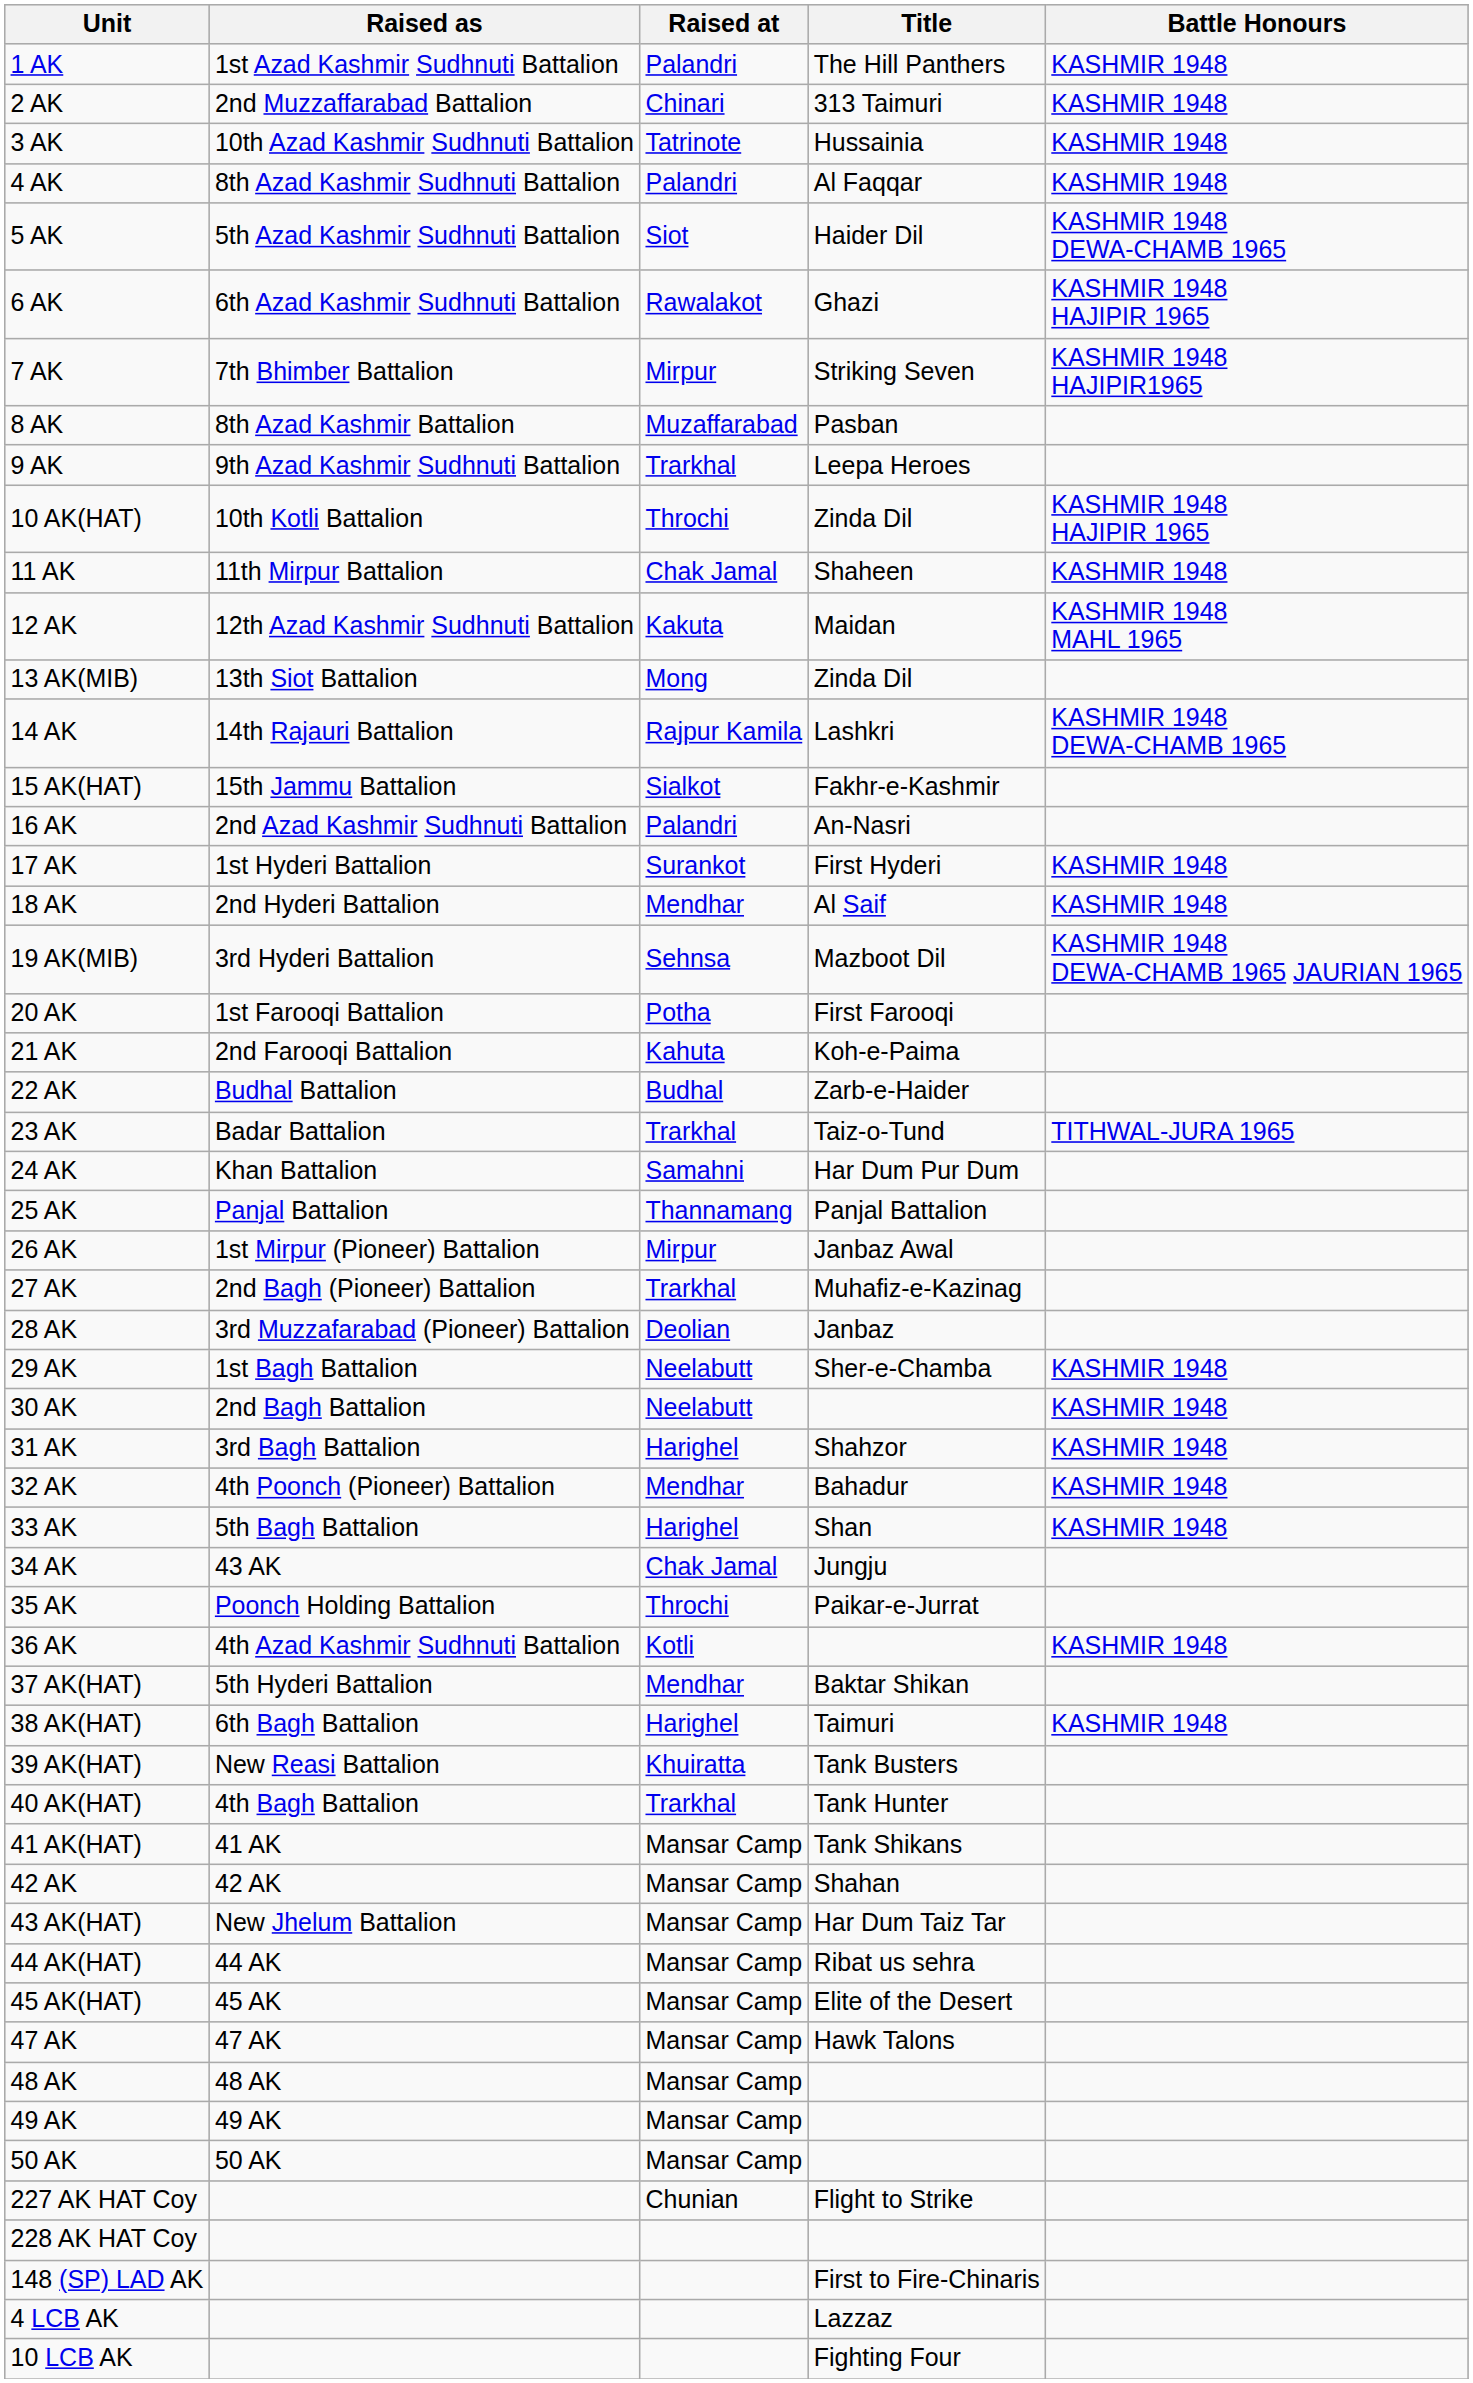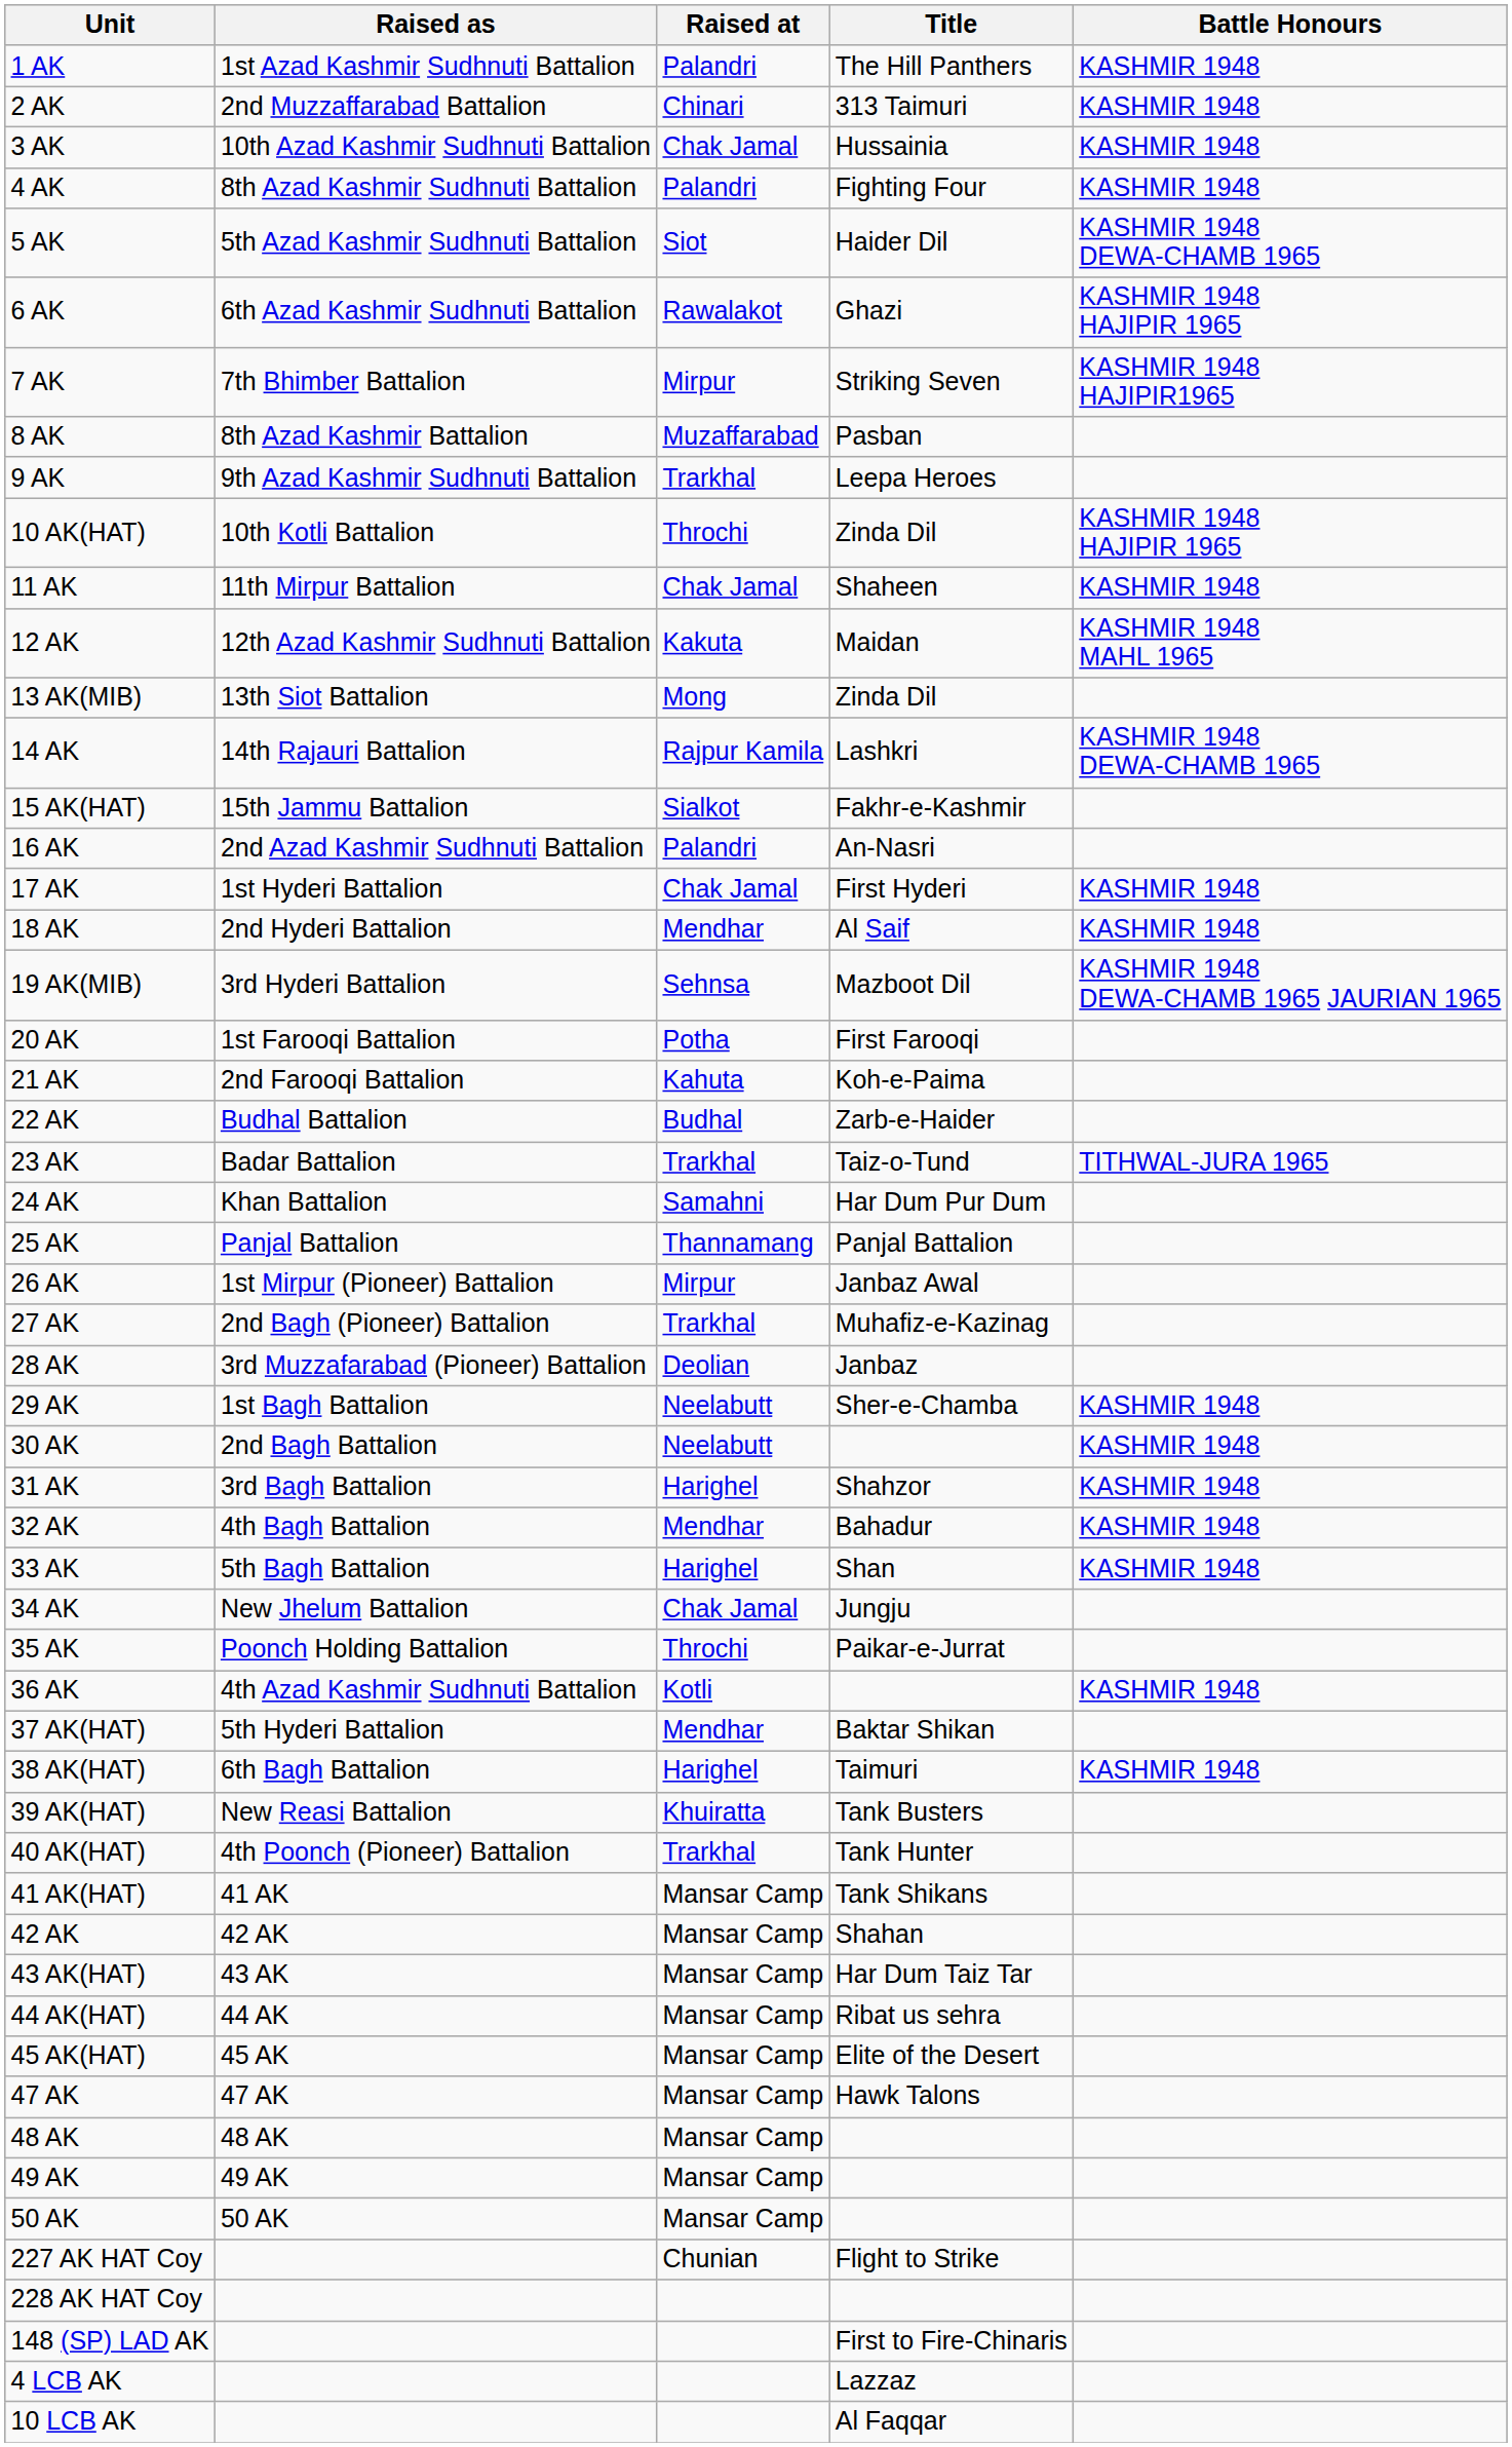 <table class="wikitable">
 <tr>
 <th>Unit</th>
 <th>Raised as</th>
 <th>Raised at</th>
 <th>Title</th>
 <th>Battle Honours</th>
 </tr>
 <tr>
 <td><a href='#'>1 AK</a></td>
 <td>1st <a href='#'>Azad Kashmir</a> <a href='#'>Sudhnuti</a> Battalion</td>
 <td><a href='#'>Palandri</a></td>
 <td>The Hill Panthers</td>
 <td><a href='#'>KASHMIR 1948</a></td>
 </tr>
 <tr>
 <td>2 AK</td>
 <td>2nd <a href='#'>Muzzaffarabad</a> Battalion</td>
 <td><a href='#'>Chinari</a></td>
 <td>313 Taimuri</td>
 <td><a href='#'>KASHMIR 1948</a></td>
 </tr>
 <tr>
 <td>3 AK</td>
 <td>10th <a href='#'>Azad Kashmir</a> <a href='#'>Sudhnuti</a> Battalion</td>
-<td><a href='#'>Tatrinote</a></td>
+<td><a href='#'>Chak Jamal</a></td>
 <td>Hussainia</td>
 <td><a href='#'>KASHMIR 1948</a></td>
 </tr>
 <tr>
 <td>4 AK</td>
 <td>8th <a href='#'>Azad Kashmir</a> <a href='#'>Sudhnuti</a> Battalion</td>
 <td><a href='#'>Palandri</a></td>
-<td>Al Faqqar</td>
+<td>Fighting Four</td>
 <td><a href='#'>KASHMIR 1948</a></td>
 </tr>
 <tr>
 <td>5 AK</td>
 <td>5th <a href='#'>Azad Kashmir</a> <a href='#'>Sudhnuti</a> Battalion</td>
 <td><a href='#'>Siot</a></td>
 <td>Haider Dil</td>
 <td><a href='#'>KASHMIR 1948</a><br><a href='#'>DEWA-CHAMB 1965</a></td>
 </tr>
 <tr>
 <td>6 AK</td>
 <td>6th <a href='#'>Azad Kashmir</a> <a href='#'>Sudhnuti</a> Battalion</td>
 <td><a href='#'>Rawalakot</a></td>
 <td>Ghazi</td>
 <td><a href='#'>KASHMIR 1948</a><br><a href='#'>HAJIPIR 1965</a></td>
 </tr>
 <tr>
 <td>7 AK</td>
 <td>7th <a href='#'>Bhimber</a> Battalion</td>
 <td><a href='#'>Mirpur</a></td>
 <td>Striking Seven</td>
 <td><a href='#'>KASHMIR 1948</a><br><a href='#'>HAJIPIR1965</a></td>
 </tr>
 <tr>
 <td>8 AK</td>
 <td>8th <a href='#'>Azad Kashmir</a> Battalion</td>
 <td><a href='#'>Muzaffarabad</a></td>
 <td>Pasban</td>
 <td></td>
 </tr>
 <tr>
 <td>9 AK</td>
 <td>9th <a href='#'>Azad Kashmir</a> <a href='#'>Sudhnuti</a> Battalion</td>
 <td><a href='#'>Trarkhal</a></td>
 <td>Leepa Heroes</td>
 <td></td>
 </tr>
 <tr>
 <td>10 AK(HAT)</td>
 <td>10th <a href='#'>Kotli</a> Battalion</td>
 <td><a href='#'>Throchi</a></td>
 <td>Zinda Dil</td>
 <td><a href='#'>KASHMIR 1948</a><br><a href='#'>HAJIPIR 1965</a></td>
 </tr>
 <tr>
 <td>11 AK</td>
 <td>11th <a href='#'>Mirpur</a> Battalion</td>
 <td><a href='#'>Chak Jamal</a></td>
 <td>Shaheen</td>
 <td><a href='#'>KASHMIR 1948</a></td>
 </tr>
 <tr>
 <td>12 AK</td>
 <td>12th <a href='#'>Azad Kashmir</a> <a href='#'>Sudhnuti</a> Battalion</td>
 <td><a href='#'>Kakuta</a></td>
 <td>Maidan</td>
 <td><a href='#'>KASHMIR 1948</a><br><a href='#'>MAHL 1965</a></td>
 </tr>
 <tr>
 <td>13 AK(MIB)</td>
 <td>13th <a href='#'>Siot</a> Battalion</td>
 <td><a href='#'>Mong</a></td>
 <td>Zinda Dil</td>
 <td></td>
 </tr>
 <tr>
 <td>14 AK</td>
 <td>14th <a href='#'>Rajauri</a> Battalion</td>
 <td><a href='#'>Rajpur Kamila</a></td>
 <td>Lashkri</td>
 <td><a href='#'>KASHMIR 1948</a><br><a href='#'>DEWA-CHAMB 1965</a></td>
 </tr>
 <tr>
 <td>15 AK(HAT)</td>
 <td>15th <a href='#'>Jammu</a> Battalion</td>
 <td><a href='#'>Sialkot</a></td>
 <td>Fakhr-e-Kashmir</td>
 <td></td>
 </tr>
 <tr>
 <td>16 AK</td>
 <td>2nd <a href='#'>Azad Kashmir</a> <a href='#'>Sudhnuti</a> Battalion</td>
 <td><a href='#'>Palandri</a></td>
 <td>An-Nasri</td>
 <td></td>
 </tr>
 <tr>
 <td>17 AK</td>
 <td>1st Hyderi Battalion</td>
-<td><a href='#'>Surankot</a></td>
+<td><a href='#'>Chak Jamal</a></td>
 <td>First Hyderi</td>
 <td><a href='#'>KASHMIR 1948</a></td>
 </tr>
 <tr>
 <td>18 AK</td>
 <td>2nd Hyderi Battalion</td>
 <td><a href='#'>Mendhar</a></td>
 <td>Al <a href='#'>Saif</a></td>
 <td><a href='#'>KASHMIR 1948</a></td>
 </tr>
 <tr>
 <td>19 AK(MIB)</td>
 <td>3rd Hyderi Battalion</td>
 <td><a href='#'>Sehnsa</a></td>
 <td>Mazboot Dil</td>
 <td><a href='#'>KASHMIR 1948</a><br><a href='#'>DEWA-CHAMB 1965</a> <a href='#'>JAURIAN 1965</a></td>
 </tr>
 <tr>
 <td>20 AK</td>
 <td>1st Farooqi Battalion</td>
 <td><a href='#'>Potha</a></td>
 <td>First Farooqi</td>
 <td></td>
 </tr>
 <tr>
 <td>21 AK</td>
 <td>2nd Farooqi Battalion</td>
 <td><a href='#'>Kahuta</a></td>
 <td>Koh-e-Paima</td>
 <td></td>
 </tr>
 <tr>
 <td>22 AK</td>
 <td><a href='#'>Budhal</a> Battalion</td>
 <td><a href='#'>Budhal</a></td>
 <td>Zarb-e-Haider</td>
 <td></td>
 </tr>
 <tr>
 <td>23 AK</td>
 <td>Badar Battalion</td>
 <td><a href='#'>Trarkhal</a></td>
 <td>Taiz-o-Tund</td>
 <td><a href='#'>TITHWAL-JURA 1965</a></td>
 </tr>
 <tr>
 <td>24 AK</td>
 <td>Khan Battalion</td>
 <td><a href='#'>Samahni</a></td>
 <td>Har Dum Pur Dum</td>
 <td></td>
 </tr>
 <tr>
 <td>25 AK</td>
 <td><a href='#'>Panjal</a> Battalion</td>
 <td><a href='#'>Thannamang</a></td>
 <td>Panjal Battalion</td>
 <td></td>
 </tr>
 <tr>
 <td>26 AK</td>
 <td>1st <a href='#'>Mirpur</a> (Pioneer) Battalion</td>
 <td><a href='#'>Mirpur</a></td>
 <td>Janbaz Awal</td>
 <td></td>
 </tr>
 <tr>
 <td>27 AK</td>
 <td>2nd <a href='#'>Bagh</a> (Pioneer) Battalion</td>
 <td><a href='#'>Trarkhal</a></td>
 <td>Muhafiz-e-Kazinag</td>
 <td></td>
 </tr>
 <tr>
 <td>28 AK</td>
 <td>3rd <a href='#'>Muzzafarabad</a> (Pioneer) Battalion</td>
 <td><a href='#'>Deolian</a></td>
 <td>Janbaz</td>
 <td></td>
 </tr>
 <tr>
 <td>29 AK</td>
 <td>1st <a href='#'>Bagh</a> Battalion</td>
 <td><a href='#'>Neelabutt</a></td>
 <td>Sher-e-Chamba</td>
 <td><a href='#'>KASHMIR 1948</a></td>
 </tr>
 <tr>
 <td>30 AK</td>
 <td>2nd <a href='#'>Bagh</a> Battalion</td>
 <td><a href='#'>Neelabutt</a></td>
 <td></td>
 <td><a href='#'>KASHMIR 1948</a></td>
 </tr>
 <tr>
 <td>31 AK</td>
 <td>3rd <a href='#'>Bagh</a> Battalion</td>
 <td><a href='#'>Harighel</a></td>
 <td>Shahzor</td>
 <td><a href='#'>KASHMIR 1948</a></td>
 </tr>
 <tr>
 <td>32 AK</td>
-<td>4th <a href='#'>Poonch</a> (Pioneer) Battalion</td>
+<td>4th <a href='#'>Bagh</a> Battalion</td>
 <td><a href='#'>Mendhar</a></td>
 <td>Bahadur</td>
 <td><a href='#'>KASHMIR 1948</a></td>
 </tr>
 <tr>
 <td>33 AK</td>
 <td>5th <a href='#'>Bagh</a> Battalion</td>
 <td><a href='#'>Harighel</a></td>
 <td>Shan</td>
 <td><a href='#'>KASHMIR 1948</a></td>
 </tr>
 <tr>
 <td>34 AK</td>
-<td>43 AK</td>
+<td>New <a href='#'>Jhelum</a> Battalion</td>
 <td><a href='#'>Chak Jamal</a></td>
 <td>Jungju</td>
 <td></td>
 </tr>
 <tr>
 <td>35 AK</td>
 <td><a href='#'>Poonch</a> Holding Battalion</td>
 <td><a href='#'>Throchi</a></td>
 <td>Paikar-e-Jurrat</td>
 <td></td>
 </tr>
 <tr>
 <td>36 AK</td>
 <td>4th <a href='#'>Azad Kashmir</a> <a href='#'>Sudhnuti</a> Battalion</td>
 <td><a href='#'>Kotli</a></td>
 <td></td>
 <td><a href='#'>KASHMIR 1948</a></td>
 </tr>
 <tr>
 <td>37 AK(HAT)</td>
 <td>5th Hyderi Battalion</td>
 <td><a href='#'>Mendhar</a></td>
 <td>Baktar Shikan</td>
 <td></td>
 </tr>
 <tr>
 <td>38 AK(HAT)</td>
 <td>6th <a href='#'>Bagh</a> Battalion</td>
 <td><a href='#'>Harighel</a></td>
 <td>Taimuri</td>
 <td><a href='#'>KASHMIR 1948</a></td>
 </tr>
 <tr>
 <td>39 AK(HAT)</td>
 <td>New <a href='#'>Reasi</a> Battalion</td>
 <td><a href='#'>Khuiratta</a></td>
 <td>Tank Busters</td>
 <td></td>
 </tr>
 <tr>
 <td>40 AK(HAT)</td>
-<td>4th <a href='#'>Bagh</a> Battalion</td>
+<td>4th <a href='#'>Poonch</a> (Pioneer) Battalion</td>
 <td><a href='#'>Trarkhal</a></td>
 <td>Tank Hunter</td>
 <td></td>
 </tr>
 <tr>
 <td>41 AK(HAT)</td>
 <td>41 AK</td>
 <td>Mansar Camp</td>
 <td>Tank Shikans</td>
 <td></td>
 </tr>
 <tr>
 <td>42 AK</td>
 <td>42 AK</td>
 <td>Mansar Camp</td>
 <td>Shahan</td>
 <td></td>
 </tr>
 <tr>
 <td>43 AK(HAT)</td>
-<td>New <a href='#'>Jhelum</a> Battalion</td>
+<td>43 AK</td>
 <td>Mansar Camp</td>
 <td>Har Dum Taiz Tar</td>
 <td></td>
 </tr>
 <tr>
 <td>44 AK(HAT)</td>
 <td>44 AK</td>
 <td>Mansar Camp</td>
 <td>Ribat us sehra</td>
 <td></td>
 </tr>
 <tr>
 <td>45 AK(HAT)</td>
 <td>45 AK</td>
 <td>Mansar Camp</td>
 <td>Elite of the Desert</td>
 <td></td>
 </tr>
 <tr>
 <td>47 AK</td>
 <td>47 AK</td>
 <td>Mansar Camp</td>
 <td>Hawk Talons</td>
 <td></td>
 </tr>
 <tr>
 <td>48 AK</td>
 <td>48 AK</td>
 <td>Mansar Camp</td>
 <td></td>
 <td></td>
 </tr>
 <tr>
 <td>49 AK</td>
 <td>49 AK</td>
 <td>Mansar Camp</td>
 <td></td>
 <td></td>
 </tr>
 <tr>
 <td>50 AK</td>
 <td>50 AK</td>
 <td>Mansar Camp</td>
 <td></td>
 <td></td>
 </tr>
 <tr>
 <td>227 AK HAT Coy</td>
 <td></td>
 <td>Chunian</td>
 <td>Flight to Strike</td>
 <td></td>
 </tr>
 <tr>
 <td>228 AK HAT Coy</td>
 <td></td>
 <td></td>
 <td></td>
 <td></td>
 </tr>
 <tr>
 <td>148 <a href='#'>(SP) LAD</a> AK</td>
 <td></td>
 <td></td>
 <td>First to Fire-Chinaris</td>
 <td></td>
 </tr>
 <tr>
 <td>4 <a href='#'>LCB</a> AK</td>
 <td></td>
 <td></td>
 <td>Lazzaz</td>
 <td></td>
 </tr>
 <tr>
 <td>10 <a href='#'>LCB</a> AK</td>
 <td></td>
 <td></td>
-<td>Fighting Four</td>
+<td>Al Faqqar</td>
 <td></td>
 </tr>
 </table>
